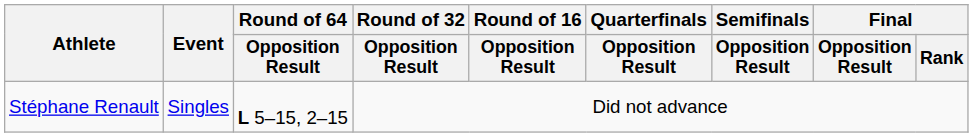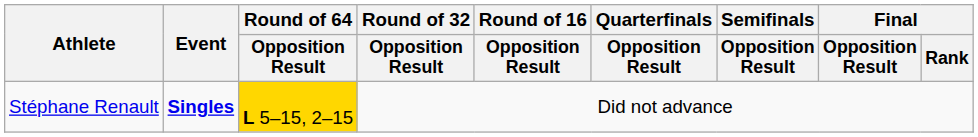 <table class="wikitable" style="font-size:90%">
 <tr>
 <th rowspan="2">Athlete</th>
 <th rowspan="2">Event</th>
 <th>Round of 64</th>
 <th>Round of 32</th>
 <th>Round of 16</th>
 <th>Quarterfinals</th>
 <th>Semifinals</th>
 <th colspan=2>Final</th>
 </tr>
 <tr style="font-size:95%">
 <th>Opposition<br>Result</th>
 <th>Opposition<br>Result</th>
 <th>Opposition<br>Result</th>
 <th>Opposition<br>Result</th>
 <th>Opposition<br>Result</th>
 <th>Opposition<br>Result</th>
 <th>Rank</th>
 </tr>
 <tr align=center>
 <td align=left><a href='#'>Stéphane Renault</a></td>
-<td align=left><a href='#'>Singles</a></td>
-<td><br><strong>L</strong> 5–15, 2–15</td>
+<td align=left><strong><a href='#'>Singles</a></strong></td>
+<td style="background: gold;"><br><strong>L</strong> 5–15, 2–15</td>
 <td colspan=6>Did not advance</td>
 </tr>
 </table>
